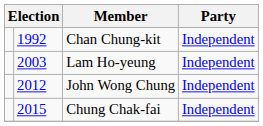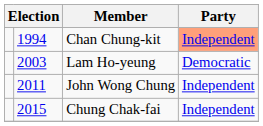 <table class="wikitable">
 <tr>
 <th colspan="2">Election</th>
 <th>Member</th>
 <th>Party</th>
 </tr>
 <tr>
 <td style="background-color: "></td>
-<td><a href='#'>1992</a></td>
+<td><a href='#'>1994</a></td>
 <td>Chan Chung-kit</td>
-<td><a href='#'>Independent</a></td>
+<td style="background: lightsalmon;"><a href='#'>Independent</a></td>
 </tr>
 <tr>
 <td style="background-color: "></td>
 <td><a href='#'>2003</a></td>
 <td>Lam Ho-yeung</td>
-<td><a href='#'>Independent</a></td>
+<td><a href='#'>Democratic</a></td>
 </tr>
 <tr>
 <td style="background-color: "></td>
-<td><a href='#'>2012</a></td>
+<td><a href='#'>2011</a></td>
 <td>John Wong Chung</td>
 <td><a href='#'>Independent</a></td>
 </tr>
 <tr>
 <td style="background-color: "></td>
 <td><a href='#'>2015</a></td>
 <td>Chung Chak-fai</td>
 <td><a href='#'>Independent</a></td>
 </tr>
 <tr>
 </tr>
 </table>
